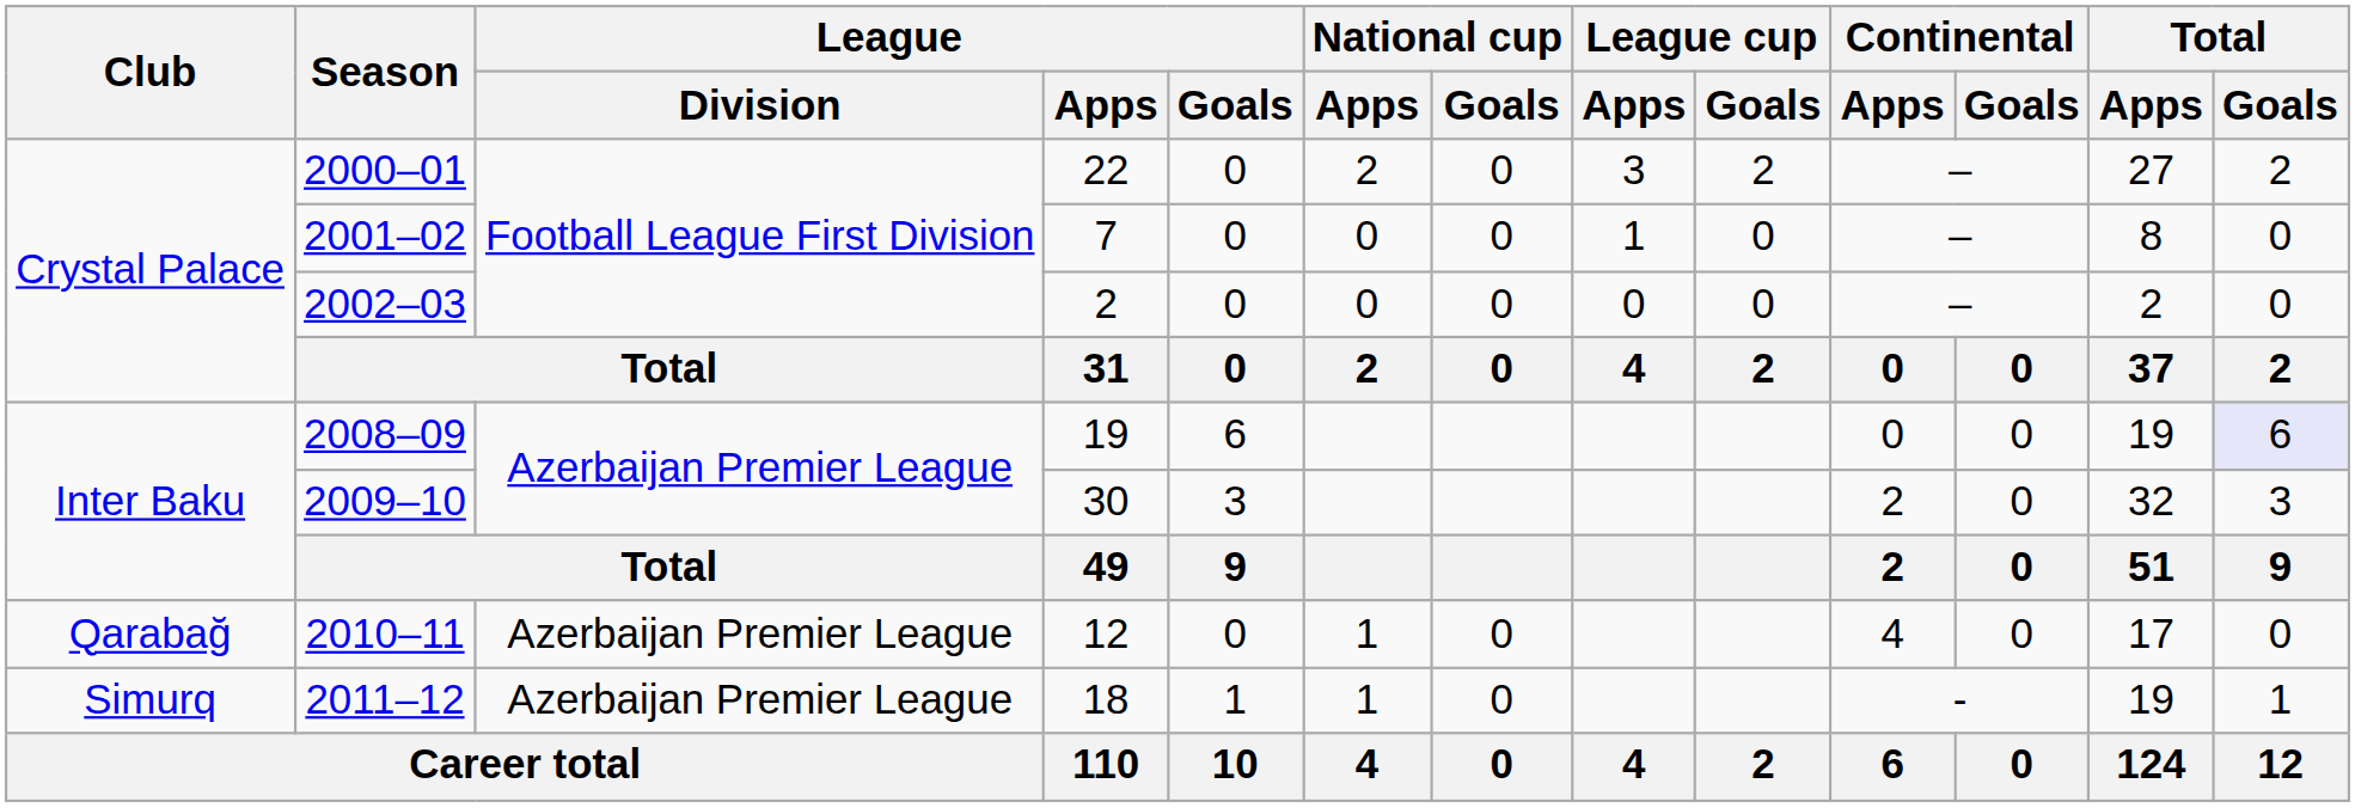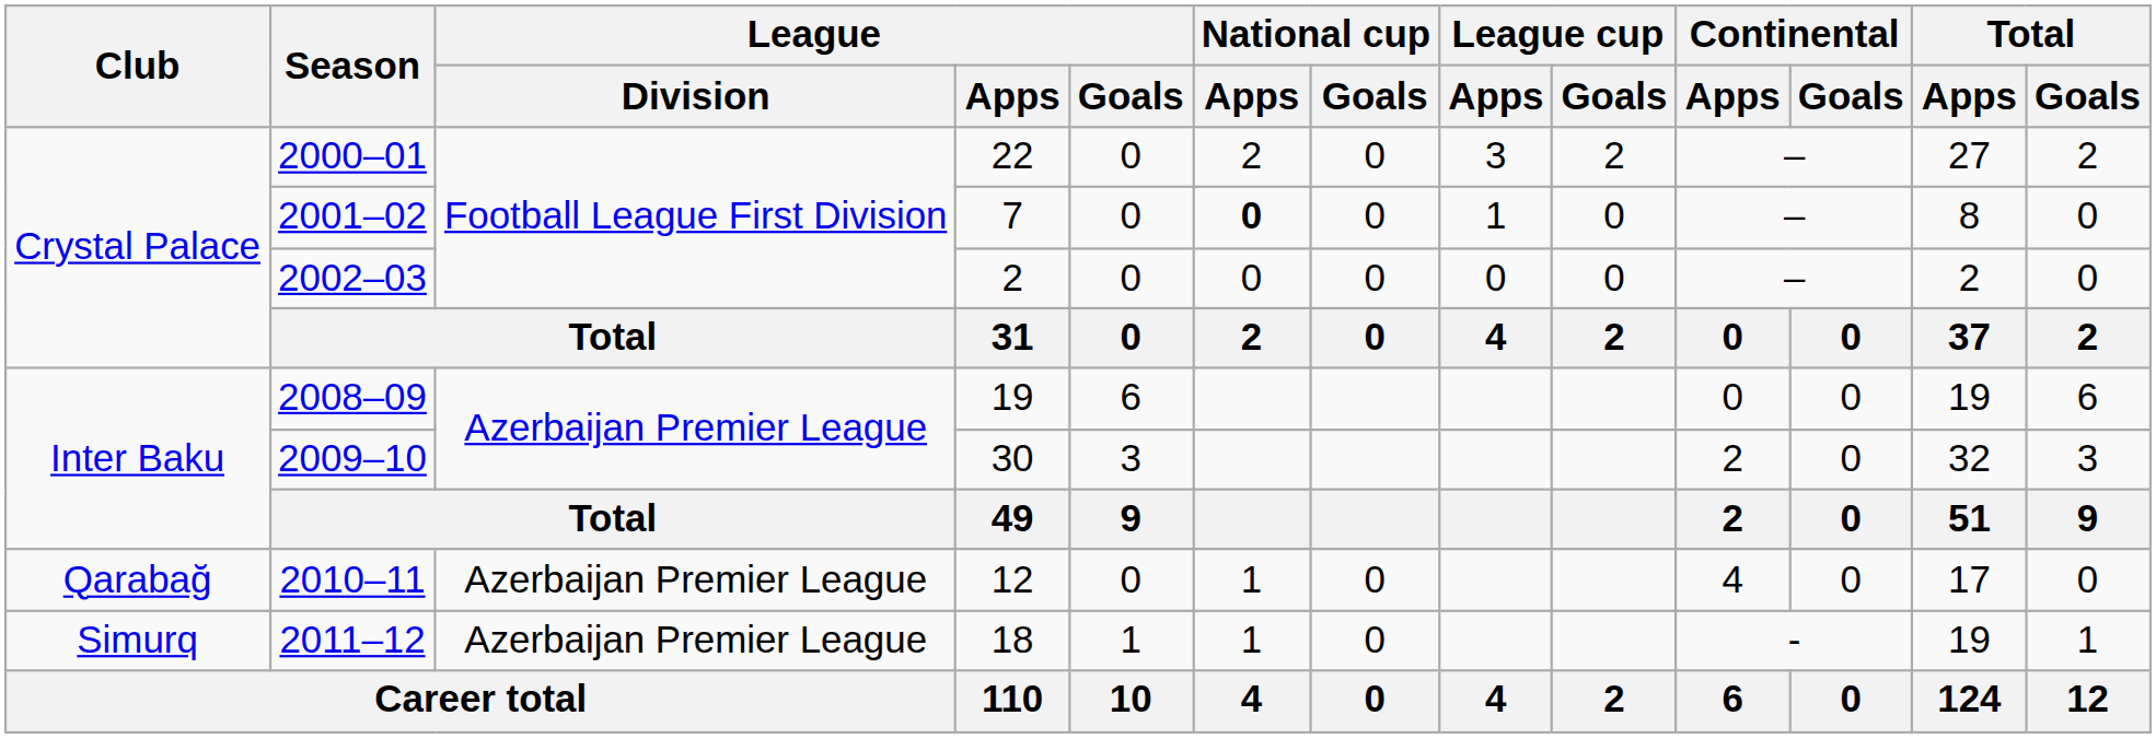 <table class="wikitable" style="text-align:center">
 <tr>
 <th rowspan="2">Club</th>
 <th rowspan="2">Season</th>
 <th colspan="3">League</th>
 <th colspan="2">National cup</th>
 <th colspan="2">League cup</th>
 <th colspan="2">Continental</th>
 <th colspan="2">Total</th>
 </tr>
 <tr>
 <th>Division</th>
 <th>Apps</th>
 <th>Goals</th>
 <th>Apps</th>
 <th>Goals</th>
 <th>Apps</th>
 <th>Goals</th>
 <th>Apps</th>
 <th>Goals</th>
 <th>Apps</th>
 <th>Goals</th>
 </tr>
 <tr>
 <td rowspan="4"><a href='#'>Crystal Palace</a></td>
 <td><a href='#'>2000–01</a></td>
 <td rowspan="3"><a href='#'>Football League First Division</a></td>
 <td>22</td>
 <td>0</td>
 <td>2</td>
 <td>0</td>
 <td>3</td>
 <td>2</td>
 <td colspan="2">–</td>
 <td>27</td>
 <td>2</td>
 </tr>
 <tr>
 <td><a href='#'>2001–02</a></td>
 <td>7</td>
 <td>0</td>
-<td>0</td>
+<td><strong>0</strong></td>
 <td>0</td>
 <td>1</td>
 <td>0</td>
 <td colspan="2">–</td>
 <td>8</td>
 <td>0</td>
 </tr>
 <tr>
 <td><a href='#'>2002–03</a></td>
 <td>2</td>
 <td>0</td>
 <td>0</td>
 <td>0</td>
 <td>0</td>
 <td>0</td>
 <td colspan="2">–</td>
 <td>2</td>
 <td>0</td>
 </tr>
 <tr>
 <th colspan="2">Total</th>
 <th>31</th>
 <th>0</th>
 <th>2</th>
 <th>0</th>
 <th>4</th>
 <th>2</th>
 <th>0</th>
 <th>0</th>
 <th>37</th>
 <th>2</th>
 </tr>
 <tr>
 <td rowspan="3"><a href='#'>Inter Baku</a></td>
 <td><a href='#'>2008–09</a></td>
 <td rowspan="2"><a href='#'>Azerbaijan Premier League</a></td>
 <td>19</td>
 <td>6</td>
 <td></td>
 <td></td>
 <td></td>
 <td></td>
 <td>0</td>
 <td>0</td>
 <td>19</td>
-<td style="background: lavender;">6</td>
+<td>6</td>
 </tr>
 <tr>
 <td><a href='#'>2009–10</a></td>
 <td>30</td>
 <td>3</td>
 <td></td>
 <td></td>
 <td></td>
 <td></td>
 <td>2</td>
 <td>0</td>
 <td>32</td>
 <td>3</td>
 </tr>
 <tr>
 <th colspan="2">Total</th>
 <th>49</th>
 <th>9</th>
 <th></th>
 <th></th>
 <th></th>
 <th></th>
 <th>2</th>
 <th>0</th>
 <th>51</th>
 <th>9</th>
 </tr>
 <tr>
 <td><a href='#'>Qarabağ</a></td>
 <td><a href='#'>2010–11</a></td>
 <td>Azerbaijan Premier League</td>
 <td>12</td>
 <td>0</td>
 <td>1</td>
 <td>0</td>
 <td></td>
 <td></td>
 <td>4</td>
 <td>0</td>
 <td>17</td>
 <td>0</td>
 </tr>
 <tr>
 <td><a href='#'>Simurq</a></td>
 <td><a href='#'>2011–12</a></td>
 <td>Azerbaijan Premier League</td>
 <td>18</td>
 <td>1</td>
 <td>1</td>
 <td>0</td>
 <td></td>
 <td></td>
 <td colspan="2">-</td>
 <td>19</td>
 <td>1</td>
 </tr>
 <tr>
 <th colspan="3">Career total</th>
 <th>110</th>
 <th>10</th>
 <th>4</th>
 <th>0</th>
 <th>4</th>
 <th>2</th>
 <th>6</th>
 <th>0</th>
 <th>124</th>
 <th>12</th>
 </tr>
 </table>
